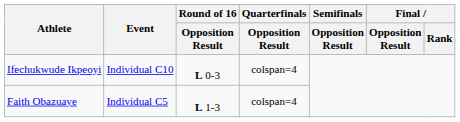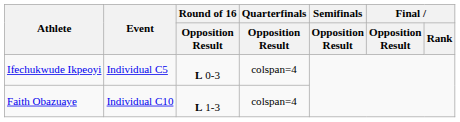 <table class=wikitable style="font-size:90%">
 <tr align=center>
 <th rowspan="2">Athlete</th>
 <th rowspan="2">Event</th>
 <th>Round of 16</th>
 <th>Quarterfinals</th>
 <th>Semifinals</th>
 <th colspan="2">Final / </th>
 </tr>
 <tr>
 <th>Opposition<br>Result</th>
 <th>Opposition<br>Result</th>
 <th>Opposition<br>Result</th>
 <th>Opposition<br>Result</th>
 <th>Rank</th>
 </tr>
 <tr align=center>
 <td align=left><a href='#'>Ifechukwude Ikpeoyi</a></td>
-<td align=left><a href='#'>Individual C10</a></td>
+<td align=left><a href='#'>Individual C5</a></td>
 <td><br><strong>L</strong> 0-3</td>
 <td>colspan=4 </td>
 </tr>
 <tr align=center>
 <td align=left><a href='#'>Faith Obazuaye</a></td>
-<td align=left><a href='#'>Individual C5</a></td>
+<td align=left><a href='#'>Individual C10</a></td>
 <td><br><strong>L</strong> 1-3</td>
 <td>colspan=4 </td>
 </tr>
 </table>
